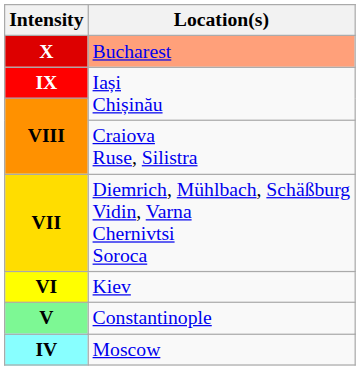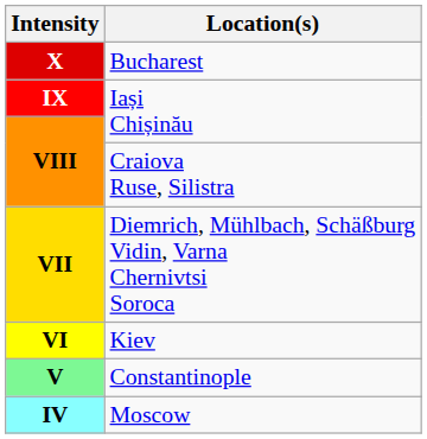 <table class="wikitable">
 <tr>
 <th>Intensity</th>
 <th>Location(s)</th>
 </tr>
 <tr>
 <th style="background:#d00; color:white">X</th>
-<td style="background: lightsalmon;"> <a href='#'>Bucharest</a></td>
+<td> <a href='#'>Bucharest</a></td>
 </tr>
 <tr>
 <th style="background:#f00; color:white;">IX</th>
 <td rowspan="2"> <a href='#'>Iași</a><br> <a href='#'>Chișinău</a></td>
 </tr>
 <tr>
 <th rowspan="2" style="background:#ff9100">VIII</th>
 </tr>
 <tr>
 <td> <a href='#'>Craiova</a><br> <a href='#'>Ruse</a>, <a href='#'>Silistra</a></td>
 </tr>
 <tr>
 <th style="background:#fd0">VII</th>
 <td> <a href='#'>Diemrich</a>, <a href='#'>Mühlbach</a>, <a href='#'>Schäßburg</a><br> <a href='#'>Vidin</a>, <a href='#'>Varna</a><br> <a href='#'>Chernivtsi</a><br> <a href='#'>Soroca</a></td>
 </tr>
 <tr>
 <th rowspan="2" style="background:#ff0">VI</th>
 <td> <a href='#'>Kiev</a></td>
 </tr>
 <tr>
 <td rowspan="2"> <a href='#'>Constantinople</a></td>
 </tr>
 <tr>
 <th rowspan="2" style="background:#7df894">V</th>
 </tr>
 <tr>
 <td rowspan="2"> <a href='#'>Moscow</a></td>
 </tr>
 <tr>
 <th style="background:#8ff">IV</th>
 </tr>
 </table>
